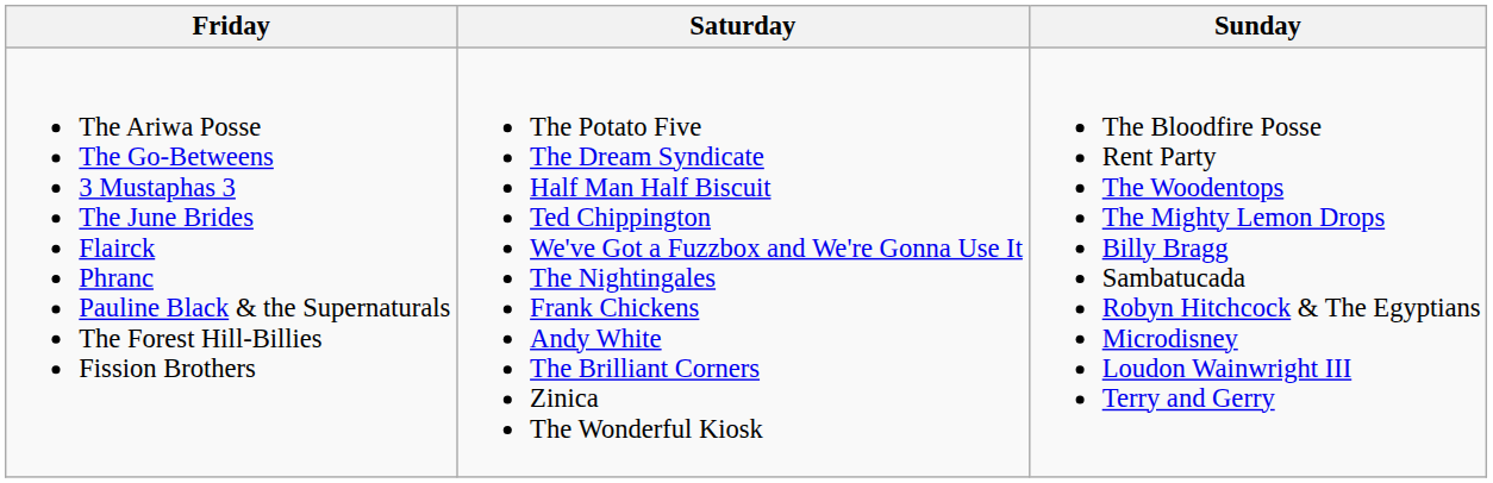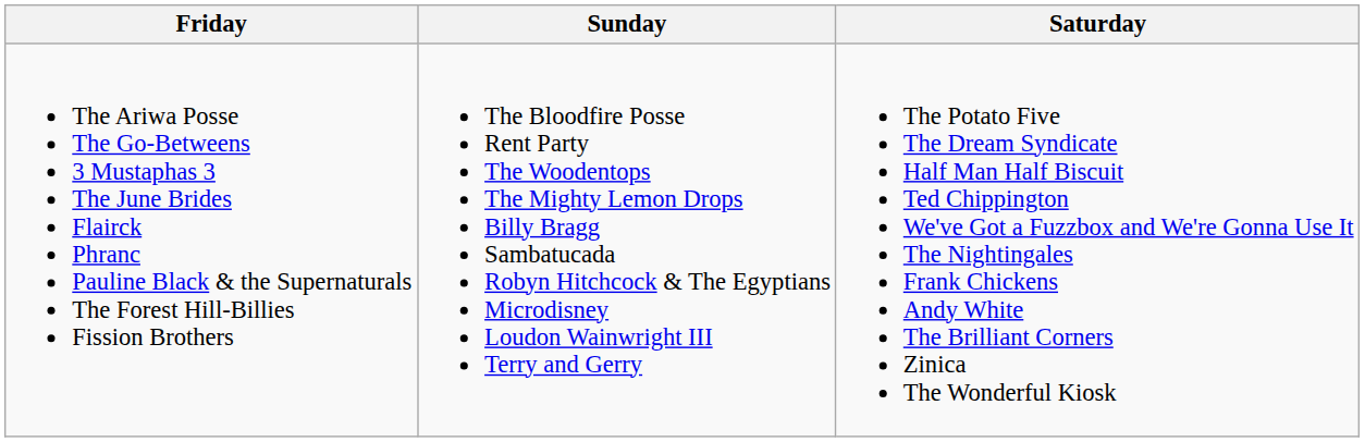 <table class="wikitable">
 <tr>
 <th>Friday</th>
+<th>Sunday</th>
 <th>Saturday</th>
-<th>Sunday</th>
 </tr>
 <tr valign="top">
 <td><br><ul><li>The Ariwa Posse</li><li><a href='#'>The Go-Betweens</a></li><li><a href='#'>3 Mustaphas 3</a></li><li><a href='#'>The June Brides</a></li><li><a href='#'>Flairck</a></li><li><a href='#'>Phranc</a></li><li><a href='#'>Pauline Black</a> & the Supernaturals</li><li>The Forest Hill-Billies</li><li>Fission Brothers</li></ul></td>
+<td><br><ul><li>The Bloodfire Posse</li><li>Rent Party</li><li><a href='#'>The Woodentops</a></li><li><a href='#'>The Mighty Lemon Drops</a></li><li><a href='#'>Billy Bragg</a></li><li>Sambatucada</li><li><a href='#'>Robyn Hitchcock</a> & The Egyptians</li><li><a href='#'>Microdisney</a></li><li><a href='#'>Loudon Wainwright III</a></li><li><a href='#'>Terry and Gerry</a></li></ul></td>
 <td><br><ul><li>The Potato Five</li><li><a href='#'>The Dream Syndicate</a></li><li><a href='#'>Half Man Half Biscuit</a></li><li><a href='#'>Ted Chippington</a></li><li><a href='#'>We've Got a Fuzzbox and We're Gonna Use It</a></li><li><a href='#'>The Nightingales</a></li><li><a href='#'>Frank Chickens</a></li><li><a href='#'>Andy White</a></li><li><a href='#'>The Brilliant Corners</a></li><li>Zinica</li><li>The Wonderful Kiosk</li></ul></td>
-<td><br><ul><li>The Bloodfire Posse</li><li>Rent Party</li><li><a href='#'>The Woodentops</a></li><li><a href='#'>The Mighty Lemon Drops</a></li><li><a href='#'>Billy Bragg</a></li><li>Sambatucada</li><li><a href='#'>Robyn Hitchcock</a> & The Egyptians</li><li><a href='#'>Microdisney</a></li><li><a href='#'>Loudon Wainwright III</a></li><li><a href='#'>Terry and Gerry</a></li></ul></td>
 </tr>
 </table>
